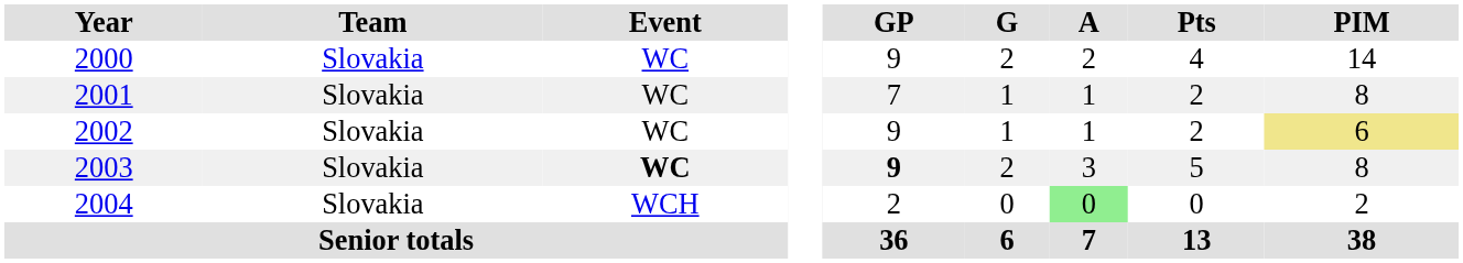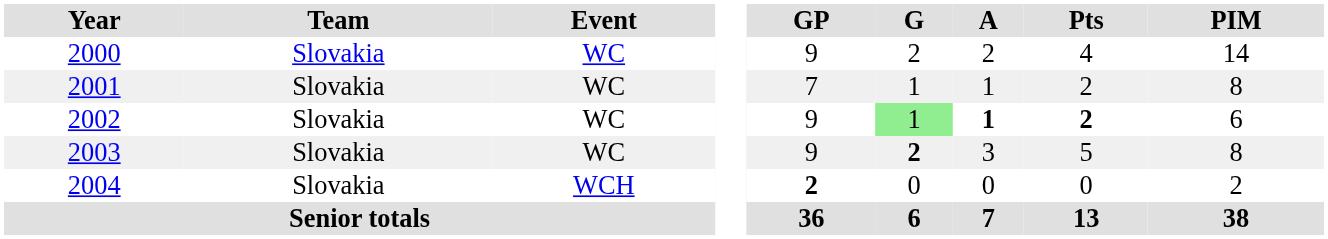 <table border="0" cellpadding="1" cellspacing="0" style="text-align:center; width:50em">
 <tr align="center" bgcolor="#e0e0e0">
 <th>Year</th>
 <th>Team</th>
 <th>Event</th>
 <th rowspan="99" bgcolor="#ffffff"> </th>
 <th>GP</th>
 <th>G</th>
 <th>A</th>
 <th>Pts</th>
 <th>PIM</th>
 </tr>
 <tr>
 <td><a href='#'>2000</a></td>
 <td><a href='#'>Slovakia</a></td>
 <td><a href='#'>WC</a></td>
 <td>9</td>
 <td>2</td>
 <td>2</td>
 <td>4</td>
 <td>14</td>
 </tr>
 <tr bgcolor="#f0f0f0">
 <td><a href='#'>2001</a></td>
 <td>Slovakia</td>
 <td>WC</td>
 <td>7</td>
 <td>1</td>
 <td>1</td>
 <td>2</td>
 <td>8</td>
 </tr>
 <tr>
 <td><a href='#'>2002</a></td>
 <td>Slovakia</td>
 <td>WC</td>
 <td>9</td>
-<td>1</td>
-<td>1</td>
-<td>2</td>
-<td style="background: khaki;">6</td>
+<td style="background: lightgreen;">1</td>
+<td><strong>1</strong></td>
+<td><strong>2</strong></td>
+<td>6</td>
 </tr>
 <tr bgcolor="#f0f0f0">
 <td><a href='#'>2003</a></td>
 <td>Slovakia</td>
-<td><strong>WC</strong></td>
-<td><strong>9</strong></td>
-<td>2</td>
+<td>WC</td>
+<td>9</td>
+<td><strong>2</strong></td>
 <td>3</td>
 <td>5</td>
 <td>8</td>
 </tr>
 <tr>
 <td><a href='#'>2004</a></td>
 <td>Slovakia</td>
 <td><a href='#'>WCH</a></td>
-<td>2</td>
+<td><strong>2</strong></td>
 <td>0</td>
-<td style="background: lightgreen;">0</td>
+<td>0</td>
 <td>0</td>
 <td>2</td>
 </tr>
 <tr bgcolor="#e0e0e0">
 <th colspan=3>Senior totals</th>
 <th>36</th>
 <th>6</th>
 <th>7</th>
 <th>13</th>
 <th>38</th>
 </tr>
 </table>
